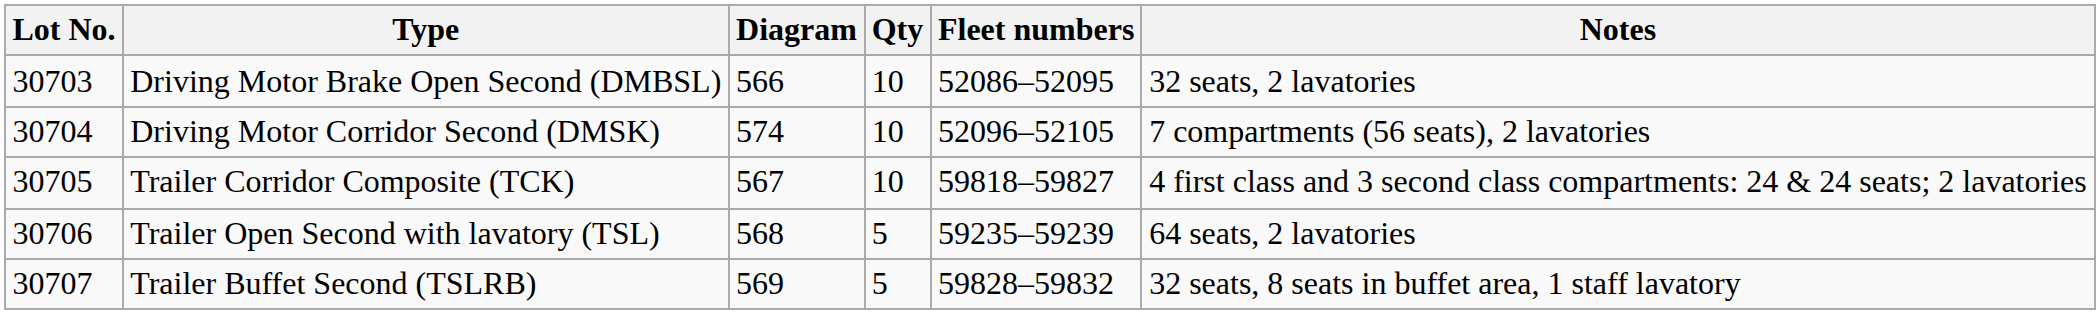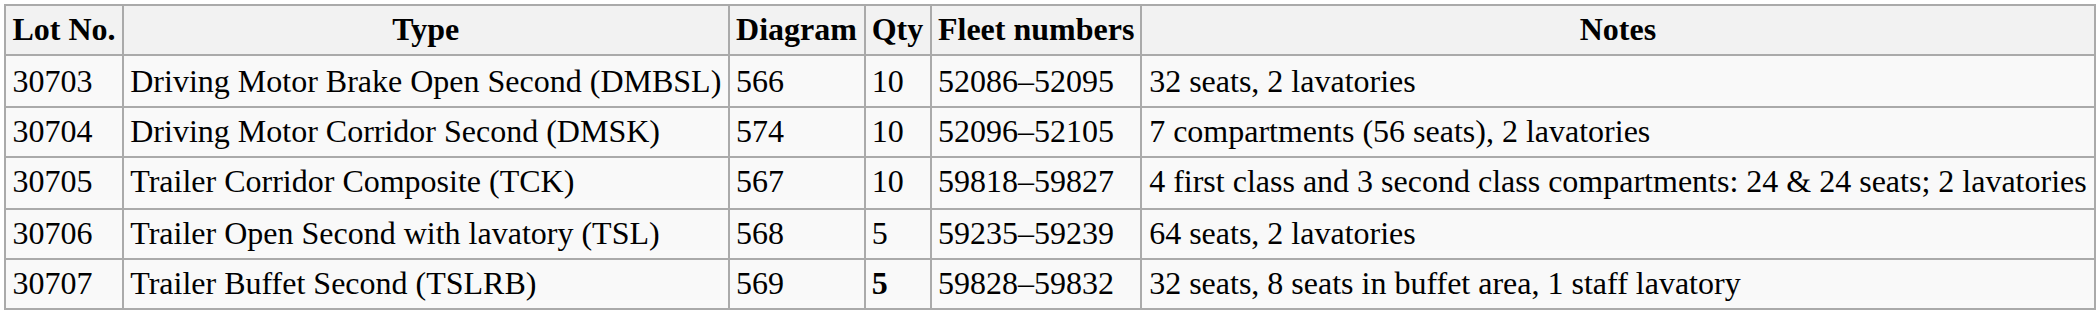 <table class=wikitable>
 <tr>
 <th>Lot No.</th>
 <th>Type</th>
 <th>Diagram</th>
 <th>Qty</th>
 <th>Fleet numbers</th>
 <th>Notes</th>
 </tr>
 <tr>
 <td>30703</td>
 <td>Driving Motor Brake Open Second (DMBSL)</td>
 <td>566</td>
 <td>10</td>
 <td>52086–52095</td>
 <td>32 seats, 2 lavatories</td>
 </tr>
 <tr>
 <td>30704</td>
 <td>Driving Motor Corridor Second (DMSK)</td>
 <td>574</td>
 <td>10</td>
 <td>52096–52105</td>
 <td>7 compartments (56 seats), 2 lavatories</td>
 </tr>
 <tr>
 <td>30705</td>
 <td>Trailer Corridor Composite  (TCK)</td>
 <td>567</td>
 <td>10</td>
 <td>59818–59827</td>
 <td>4 first class and 3 second class compartments: 24 & 24 seats; 2 lavatories</td>
 </tr>
 <tr>
 <td>30706</td>
 <td>Trailer Open Second with lavatory (TSL)</td>
 <td>568</td>
 <td>5</td>
 <td>59235–59239</td>
 <td>64 seats, 2 lavatories</td>
 </tr>
 <tr>
 <td>30707</td>
 <td>Trailer Buffet Second (TSLRB)</td>
 <td>569</td>
-<td>5</td>
+<td><strong>5</strong></td>
 <td>59828–59832</td>
 <td>32 seats, 8 seats in buffet area, 1 staff lavatory</td>
 </tr>
 <tr>
 </tr>
 </table>
